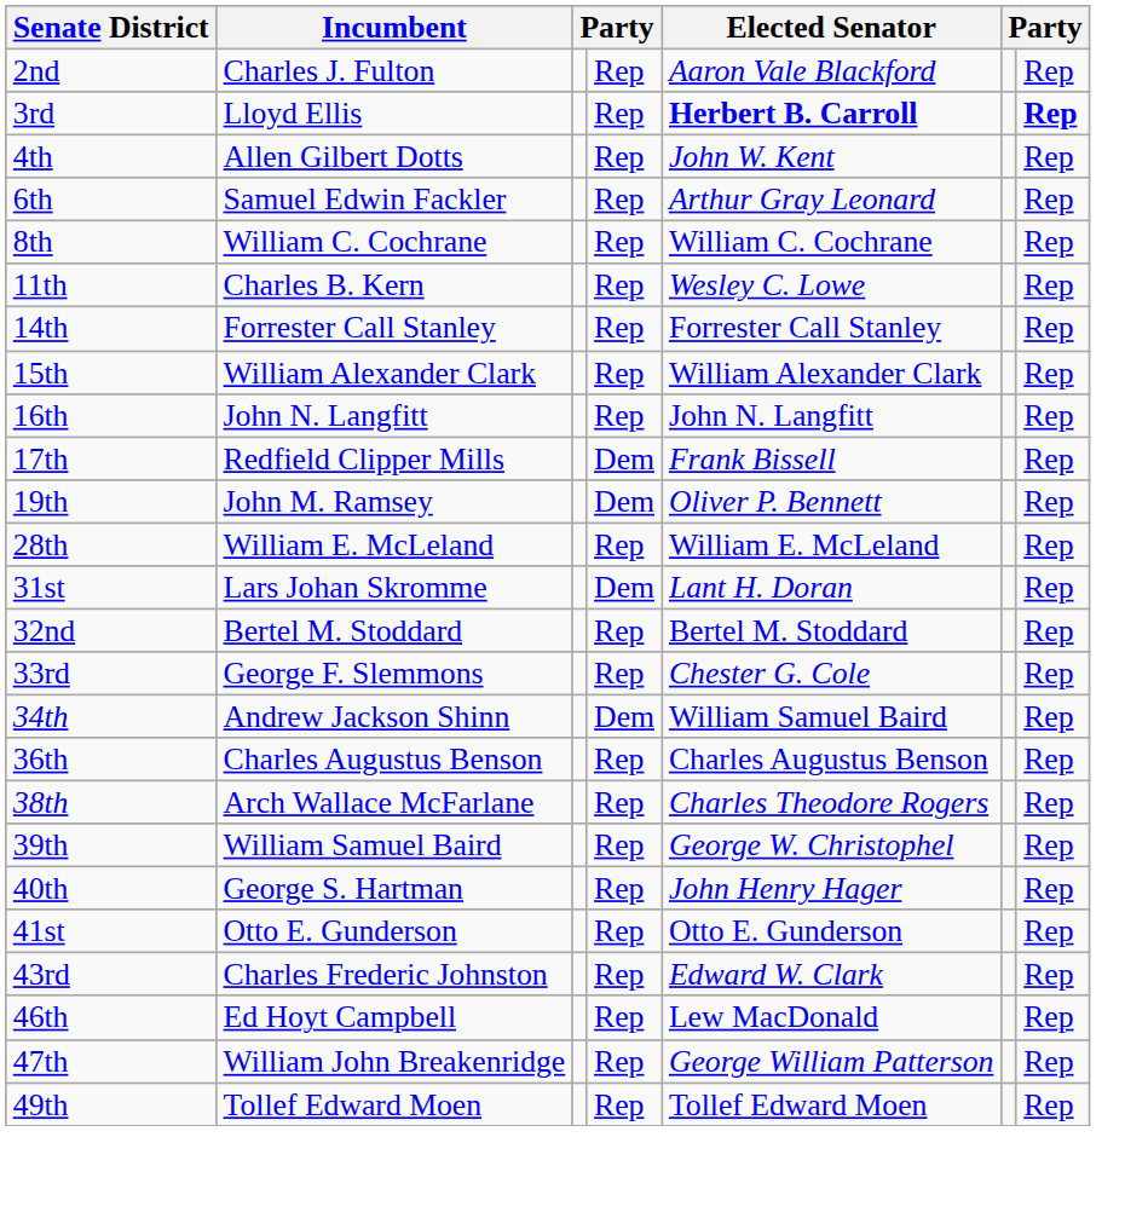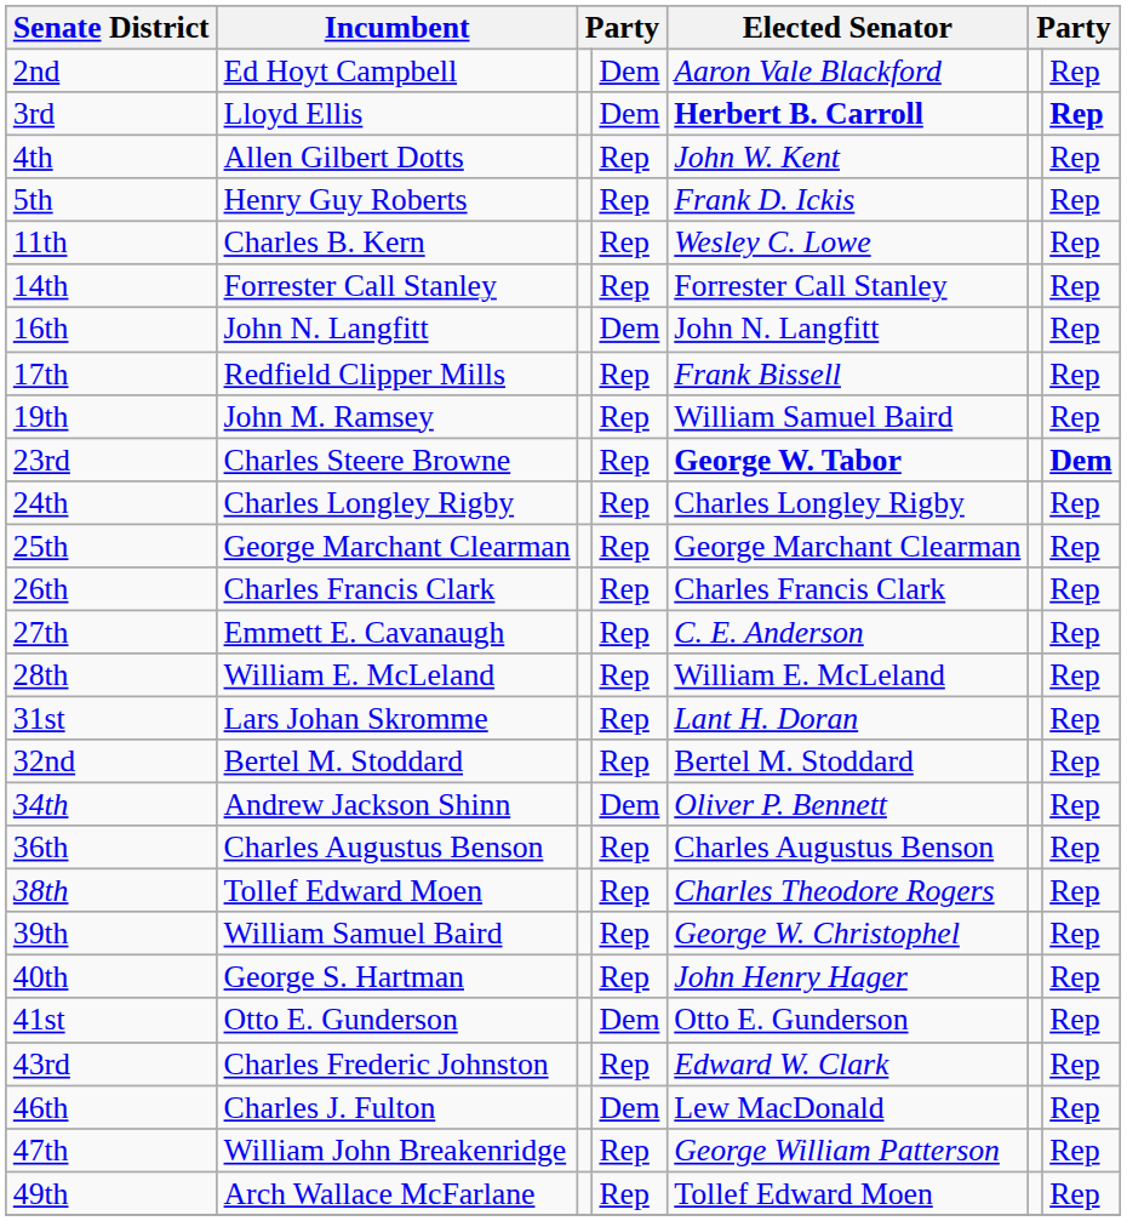 <table class="sortable wikitable" style="font-size:95%;line-height:14px;">
 <tr>
 <th class="unsortable"><a href='#'>Senate</a> District</th>
 <th class="unsortable"><a href='#'>Incumbent</a></th>
 <th colspan="2">Party</th>
 <th class="unsortable">Elected Senator</th>
 <th colspan="2">Party</th>
 </tr>
 <tr>
 <td><a href='#'>2nd</a></td>
-<td><a href='#'>Charles J. Fulton</a></td>
+<td><a href='#'>Ed Hoyt Campbell</a></td>
 <td style="background:"></td>
-<td><a href='#'>Rep</a></td>
+<td><a href='#'>Dem</a></td>
 <td><em><a href='#'>Aaron Vale Blackford</a></em></td>
 <td style="background:"></td>
 <td><a href='#'>Rep</a></td>
 </tr>
 <tr>
 <td><a href='#'>3rd</a></td>
 <td><a href='#'>Lloyd Ellis</a></td>
 <td style="background:"></td>
-<td><a href='#'>Rep</a></td>
+<td><a href='#'>Dem</a></td>
 <td><strong><a href='#'>Herbert B. Carroll</a></strong></td>
 <td style="background:"></td>
 <td><strong><a href='#'>Rep</a></strong></td>
 </tr>
 <tr>
 <td><a href='#'>4th</a></td>
 <td><a href='#'>Allen Gilbert Dotts</a></td>
 <td style="background:"></td>
 <td><a href='#'>Rep</a></td>
 <td><em><a href='#'>John W. Kent</a></em></td>
 <td style="background:"></td>
 <td><a href='#'>Rep</a></td>
 </tr>
 <tr>
-<td><a href='#'>6th</a></td>
-<td><a href='#'>Samuel Edwin Fackler</a></td>
+<td><a href='#'>5th</a></td>
+<td><a href='#'>Henry Guy Roberts</a></td>
 <td style="background:"></td>
 <td><a href='#'>Rep</a></td>
-<td><em><a href='#'>Arthur Gray Leonard</a></em></td>
-<td style="background:"></td>
-<td><a href='#'>Rep</a></td>
-</tr>
-<tr>
-<td><a href='#'>8th</a></td>
-<td><a href='#'>William C. Cochrane</a></td>
-<td style="background:"></td>
-<td><a href='#'>Rep</a></td>
-<td><a href='#'>William C. Cochrane</a></td>
+<td><em><a href='#'>Frank D. Ickis</a></em></td>
 <td style="background:"></td>
 <td><a href='#'>Rep</a></td>
 </tr>
 <tr>
 <td><a href='#'>11th</a></td>
 <td><a href='#'>Charles B. Kern</a></td>
 <td style="background:"></td>
 <td><a href='#'>Rep</a></td>
 <td><em><a href='#'>Wesley C. Lowe</a></em></td>
 <td style="background:"></td>
 <td><a href='#'>Rep</a></td>
 </tr>
 <tr>
 <td><a href='#'>14th</a></td>
 <td><a href='#'>Forrester Call Stanley</a></td>
 <td style="background:"></td>
 <td><a href='#'>Rep</a></td>
 <td><a href='#'>Forrester Call Stanley</a></td>
 <td style="background:"></td>
 <td><a href='#'>Rep</a></td>
 </tr>
 <tr>
-<td><a href='#'>15th</a></td>
-<td><a href='#'>William Alexander Clark</a></td>
-<td style="background:"></td>
-<td><a href='#'>Rep</a></td>
-<td><a href='#'>William Alexander Clark</a></td>
-<td style="background:"></td>
-<td><a href='#'>Rep</a></td>
-</tr>
-<tr>
 <td><a href='#'>16th</a></td>
 <td><a href='#'>John N. Langfitt</a></td>
 <td style="background:"></td>
-<td><a href='#'>Rep</a></td>
+<td><a href='#'>Dem</a></td>
 <td><a href='#'>John N. Langfitt</a></td>
 <td style="background:"></td>
 <td><a href='#'>Rep</a></td>
 </tr>
 <tr>
 <td><a href='#'>17th</a></td>
 <td><a href='#'>Redfield Clipper Mills</a></td>
 <td style="background:"></td>
-<td><a href='#'>Dem</a></td>
+<td><a href='#'>Rep</a></td>
 <td><em><a href='#'>Frank Bissell</a></em></td>
 <td style="background:"></td>
 <td><a href='#'>Rep</a></td>
 </tr>
 <tr>
 <td><a href='#'>19th</a></td>
 <td><a href='#'>John M. Ramsey</a></td>
 <td style="background:"></td>
-<td><a href='#'>Dem</a></td>
-<td><em><a href='#'>Oliver P. Bennett</a></em></td>
+<td><a href='#'>Rep</a></td>
+<td><a href='#'>William Samuel Baird</a></td>
+<td style="background:"></td>
+<td><a href='#'>Rep</a></td>
+</tr>
+<tr>
+<td><a href='#'>23rd</a></td>
+<td><a href='#'>Charles Steere Browne</a></td>
+<td style="background:"></td>
+<td><a href='#'>Rep</a></td>
+<td><strong><a href='#'>George W. Tabor</a></strong></td>
+<td style="background:"></td>
+<td><strong><a href='#'>Dem</a></strong></td>
+</tr>
+<tr>
+<td><a href='#'>24th</a></td>
+<td><a href='#'>Charles Longley Rigby</a></td>
+<td style="background:"></td>
+<td><a href='#'>Rep</a></td>
+<td><a href='#'>Charles Longley Rigby</a></td>
+<td style="background:"></td>
+<td><a href='#'>Rep</a></td>
+</tr>
+<tr>
+<td><a href='#'>25th</a></td>
+<td><a href='#'>George Marchant Clearman</a></td>
+<td style="background:"></td>
+<td><a href='#'>Rep</a></td>
+<td><a href='#'>George Marchant Clearman</a></td>
+<td style="background:"></td>
+<td><a href='#'>Rep</a></td>
+</tr>
+<tr>
+<td><a href='#'>26th</a></td>
+<td><a href='#'>Charles Francis Clark</a></td>
+<td style="background:"></td>
+<td><a href='#'>Rep</a></td>
+<td><a href='#'>Charles Francis Clark</a></td>
+<td style="background:"></td>
+<td><a href='#'>Rep</a></td>
+</tr>
+<tr>
+<td><a href='#'>27th</a></td>
+<td><a href='#'>Emmett E. Cavanaugh</a></td>
+<td style="background:"></td>
+<td><a href='#'>Rep</a></td>
+<td><em><a href='#'>C. E. Anderson</a></em></td>
 <td style="background:"></td>
 <td><a href='#'>Rep</a></td>
 </tr>
 <tr>
 <td><a href='#'>28th</a></td>
 <td><a href='#'>William E. McLeland</a></td>
 <td style="background:"></td>
 <td><a href='#'>Rep</a></td>
 <td><a href='#'>William E. McLeland</a></td>
 <td style="background:"></td>
 <td><a href='#'>Rep</a></td>
 </tr>
 <tr>
 <td><a href='#'>31st</a></td>
 <td><a href='#'>Lars Johan Skromme</a></td>
 <td style="background:"></td>
-<td><a href='#'>Dem</a></td>
+<td><a href='#'>Rep</a></td>
 <td><em><a href='#'>Lant H. Doran</a></em></td>
 <td style="background:"></td>
 <td><a href='#'>Rep</a></td>
 </tr>
 <tr>
 <td><a href='#'>32nd</a></td>
 <td><a href='#'>Bertel M. Stoddard</a></td>
 <td style="background:"></td>
 <td><a href='#'>Rep</a></td>
 <td><a href='#'>Bertel M. Stoddard</a></td>
 <td style="background:"></td>
 <td><a href='#'>Rep</a></td>
 </tr>
 <tr>
-<td><a href='#'>33rd</a></td>
-<td><a href='#'>George F. Slemmons</a></td>
-<td style="background:"></td>
-<td><a href='#'>Rep</a></td>
-<td><em><a href='#'>Chester G. Cole</a></em></td>
-<td style="background:"></td>
-<td><a href='#'>Rep</a></td>
-</tr>
-<tr>
 <td><em><a href='#'>34th</a></em></td>
 <td><a href='#'>Andrew Jackson Shinn</a></td>
 <td style="background:"></td>
 <td><a href='#'>Dem</a></td>
-<td><a href='#'>William Samuel Baird</a></td>
+<td><em><a href='#'>Oliver P. Bennett</a></em></td>
 <td style="background:"></td>
 <td><a href='#'>Rep</a></td>
 </tr>
 <tr>
 <td><a href='#'>36th</a></td>
 <td><a href='#'>Charles Augustus Benson</a></td>
 <td style="background:"></td>
 <td><a href='#'>Rep</a></td>
 <td><a href='#'>Charles Augustus Benson</a></td>
 <td style="background:"></td>
 <td><a href='#'>Rep</a></td>
 </tr>
 <tr>
 <td><em><a href='#'>38th</a></em></td>
-<td><a href='#'>Arch Wallace McFarlane</a></td>
+<td><a href='#'>Tollef Edward Moen</a></td>
 <td style="background:"></td>
 <td><a href='#'>Rep</a></td>
 <td><em><a href='#'>Charles Theodore Rogers</a></em></td>
 <td style="background:"></td>
 <td><a href='#'>Rep</a></td>
 </tr>
 <tr>
 <td><a href='#'>39th</a></td>
 <td><a href='#'>William Samuel Baird</a></td>
 <td style="background:"></td>
 <td><a href='#'>Rep</a></td>
 <td><em><a href='#'>George W. Christophel</a></em></td>
 <td style="background:"></td>
 <td><a href='#'>Rep</a></td>
 </tr>
 <tr>
 <td><a href='#'>40th</a></td>
 <td><a href='#'>George S. Hartman</a></td>
 <td style="background:"></td>
 <td><a href='#'>Rep</a></td>
 <td><em><a href='#'>John Henry Hager</a></em></td>
 <td style="background:"></td>
 <td><a href='#'>Rep</a></td>
 </tr>
 <tr>
 <td><a href='#'>41st</a></td>
 <td><a href='#'>Otto E. Gunderson</a></td>
 <td style="background:"></td>
-<td><a href='#'>Rep</a></td>
+<td><a href='#'>Dem</a></td>
 <td><a href='#'>Otto E. Gunderson</a></td>
 <td style="background:"></td>
 <td><a href='#'>Rep</a></td>
 </tr>
 <tr>
 <td><a href='#'>43rd</a></td>
 <td><a href='#'>Charles Frederic Johnston</a></td>
 <td style="background:"></td>
 <td><a href='#'>Rep</a></td>
 <td><em><a href='#'>Edward W. Clark</a></em></td>
 <td style="background:"></td>
 <td><a href='#'>Rep</a></td>
 </tr>
 <tr>
 <td><a href='#'>46th</a></td>
-<td><a href='#'>Ed Hoyt Campbell</a></td>
+<td><a href='#'>Charles J. Fulton</a></td>
 <td style="background:"></td>
-<td><a href='#'>Rep</a></td>
+<td><a href='#'>Dem</a></td>
 <td><a href='#'>Lew MacDonald</a></td>
 <td style="background:"></td>
 <td><a href='#'>Rep</a></td>
 </tr>
 <tr>
 <td><a href='#'>47th</a></td>
 <td><a href='#'>William John Breakenridge</a></td>
 <td style="background:"></td>
 <td><a href='#'>Rep</a></td>
 <td><em><a href='#'>George William Patterson</a></em></td>
 <td style="background:"></td>
 <td><a href='#'>Rep</a></td>
 </tr>
 <tr>
 <td><a href='#'>49th</a></td>
-<td><a href='#'>Tollef Edward Moen</a></td>
+<td><a href='#'>Arch Wallace McFarlane</a></td>
 <td style="background:"></td>
 <td><a href='#'>Rep</a></td>
 <td><a href='#'>Tollef Edward Moen</a></td>
 <td style="background:"></td>
 <td><a href='#'>Rep</a></td>
 </tr>
 <tr>
 </tr>
 </table>
